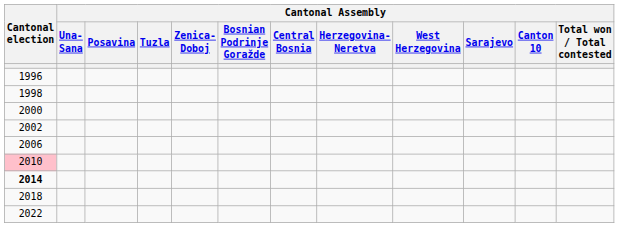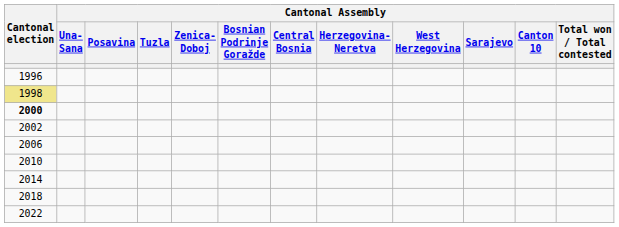 <table class="wikitable collapsible collapsed" style="text-align:center; width:72%; line-height:126%; margin-bottom:0">
 <tr>
 <th rowspan=2>Cantonal election</th>
 <th colspan=14>Cantonal Assembly</th>
 </tr>
 <tr>
 <th><a href='#'>Una-Sana</a></th>
 <th><a href='#'>Posavina</a></th>
 <th><a href='#'>Tuzla</a></th>
 <th><a href='#'>Zenica-Doboj</a></th>
 <th><a href='#'>Bosnian Podrinje Goražde</a></th>
 <th><a href='#'>Central Bosnia</a></th>
 <th><a href='#'>Herzegovina-Neretva</a></th>
 <th><a href='#'>West Herzegovina</a></th>
 <th><a href='#'>Sarajevo</a></th>
 <th><a href='#'>Canton 10</a></th>
 <th>Total won / Total contested</th>
 </tr>
 <tr>
 <th></th>
 <th></th>
 <th></th>
 <th></th>
 <th></th>
 <th></th>
 <th></th>
 <th></th>
 <th></th>
 <th></th>
 <th></th>
 <th></th>
 </tr>
 <tr>
 <td>1996</td>
 <td></td>
 <td></td>
 <td></td>
 <td></td>
 <td></td>
 <td></td>
 <td></td>
 <td></td>
 <td></td>
 <td></td>
 <td></td>
 </tr>
 <tr>
-<td>1998</td>
+<td style="background: khaki;">1998</td>
 <td></td>
 <td></td>
 <td></td>
 <td></td>
 <td></td>
 <td></td>
 <td></td>
 <td></td>
 <td></td>
 <td></td>
 <td></td>
 </tr>
 <tr>
-<td>2000</td>
+<td><strong>2000</strong></td>
 <td></td>
 <td></td>
 <td></td>
 <td></td>
 <td></td>
 <td></td>
 <td></td>
 <td></td>
 <td></td>
 <td></td>
 <td></td>
 </tr>
 <tr>
 <td>2002</td>
 <td></td>
 <td></td>
 <td></td>
 <td></td>
 <td></td>
 <td></td>
 <td></td>
 <td></td>
 <td></td>
 <td></td>
 <td></td>
 </tr>
 <tr>
 <td>2006</td>
 <td></td>
 <td></td>
 <td></td>
 <td></td>
 <td></td>
 <td></td>
 <td></td>
 <td></td>
 <td></td>
 <td></td>
 <td></td>
 </tr>
 <tr>
-<td style="background: pink;">2010</td>
+<td>2010</td>
 <td></td>
 <td></td>
 <td></td>
 <td></td>
 <td></td>
 <td></td>
 <td></td>
 <td></td>
 <td></td>
 <td></td>
 <td></td>
 </tr>
 <tr>
-<td><strong>2014</strong></td>
+<td>2014</td>
 <td></td>
 <td></td>
 <td></td>
 <td></td>
 <td></td>
 <td></td>
 <td></td>
 <td></td>
 <td></td>
 <td></td>
 <td></td>
 </tr>
 <tr>
 <td>2018</td>
 <td></td>
 <td></td>
 <td></td>
 <td></td>
 <td></td>
 <td></td>
 <td></td>
 <td></td>
 <td></td>
 <td></td>
 <td></td>
 </tr>
 <tr>
 <td>2022</td>
 <td></td>
 <td></td>
 <td></td>
 <td></td>
 <td></td>
 <td></td>
 <td></td>
 <td></td>
 <td></td>
 <td></td>
 <td></td>
 </tr>
 </table>
